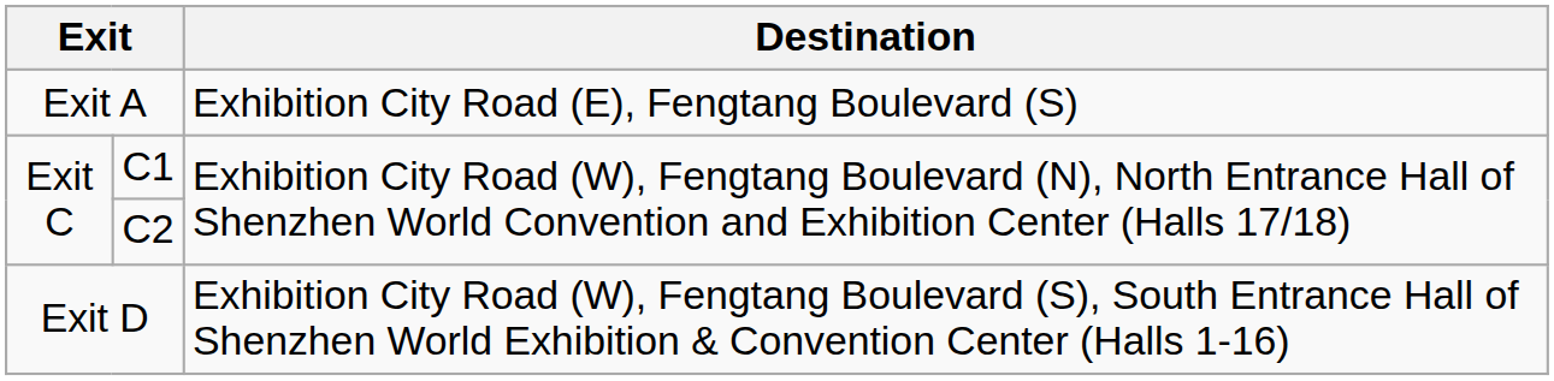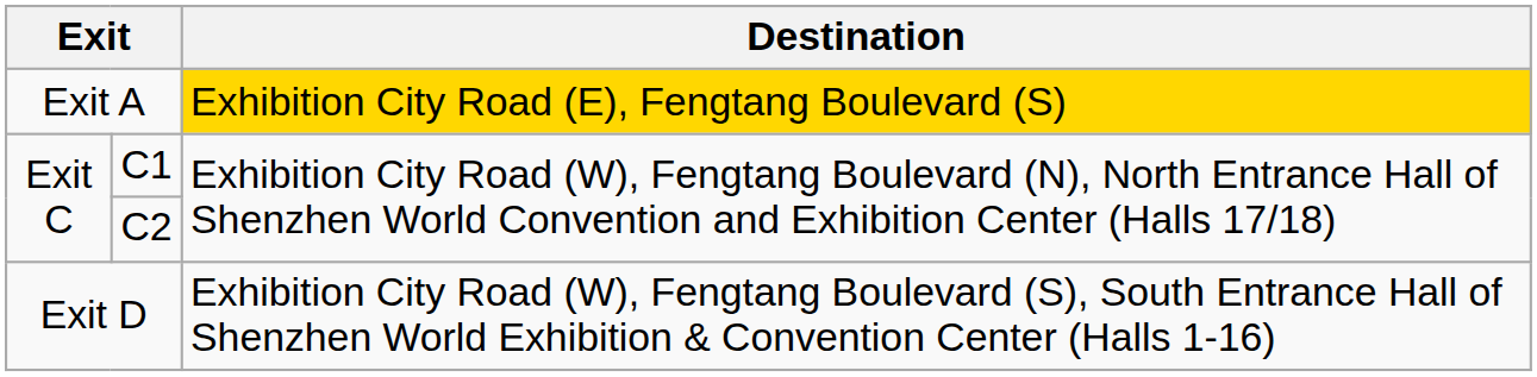 <table class="wikitable">
 <tr>
 <th style="width:70px" colspan=2>Exit</th>
 <th>Destination</th>
 </tr>
 <tr>
 <td align=center colspan=2>Exit A</td>
-<td>Exhibition City Road (E), Fengtang Boulevard (S)</td>
+<td style="background: gold;">Exhibition City Road (E), Fengtang Boulevard (S)</td>
 </tr>
 <tr>
 <td align=center rowspan=2>Exit C</td>
 <td>C1</td>
 <td rowspan=2>Exhibition City Road (W), Fengtang Boulevard (N), North Entrance Hall of Shenzhen World Convention and Exhibition Center (Halls 17/18)</td>
 </tr>
 <tr>
 <td>C2</td>
 </tr>
 <tr>
 <td align=center colspan=2>Exit D</td>
 <td>Exhibition City Road (W), Fengtang Boulevard (S), South Entrance Hall of Shenzhen World Exhibition & Convention Center (Halls 1-16)</td>
 </tr>
 </table>
